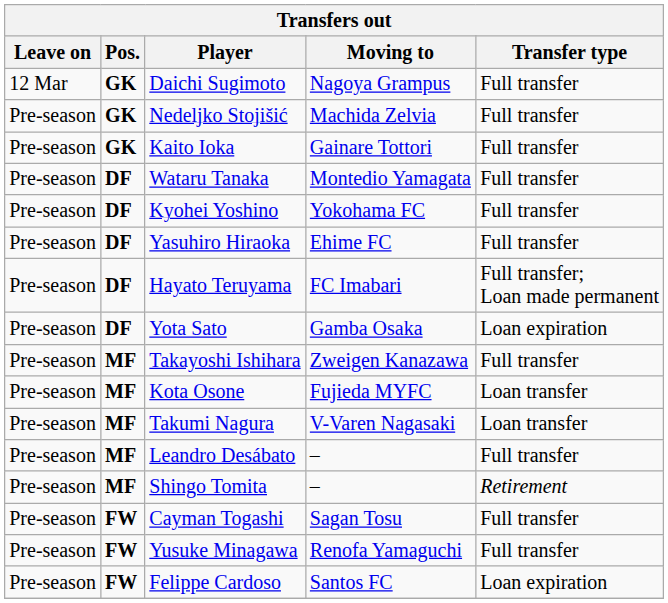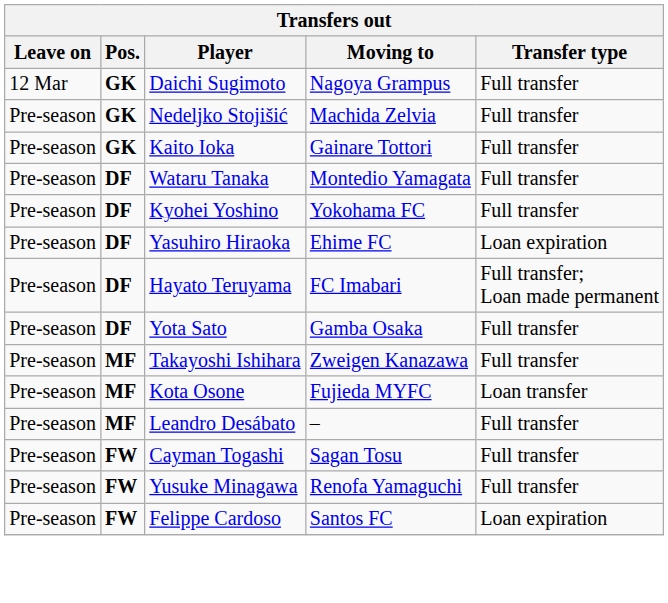 <table class="wikitable sortable" style=“text-align:left;>
 <tr>
 <th colspan="5">Transfers out</th>
 </tr>
 <tr>
 <th>Leave on</th>
 <th>Pos.</th>
 <th>Player</th>
 <th>Moving to</th>
 <th>Transfer type</th>
 </tr>
 <tr>
 <td>12 Mar</td>
 <td><strong>GK</strong></td>
 <td> <a href='#'>Daichi Sugimoto</a></td>
 <td> <a href='#'>Nagoya Grampus</a></td>
 <td>Full transfer</td>
 </tr>
 <tr>
 <td>Pre-season</td>
 <td><strong>GK</strong></td>
 <td> <a href='#'>Nedeljko Stojišić</a></td>
 <td> <a href='#'>Machida Zelvia</a></td>
 <td>Full transfer</td>
 </tr>
 <tr>
 <td>Pre-season</td>
 <td><strong>GK</strong></td>
 <td> <a href='#'>Kaito Ioka</a></td>
 <td> <a href='#'>Gainare Tottori</a></td>
 <td>Full transfer</td>
 </tr>
 <tr>
 <td>Pre-season</td>
 <td><strong>DF</strong></td>
 <td> <a href='#'>Wataru Tanaka</a></td>
 <td> <a href='#'>Montedio Yamagata</a></td>
 <td>Full transfer</td>
 </tr>
 <tr>
 <td>Pre-season</td>
 <td><strong>DF</strong></td>
 <td> <a href='#'>Kyohei Yoshino</a></td>
 <td> <a href='#'>Yokohama FC</a></td>
 <td>Full transfer</td>
 </tr>
 <tr>
 <td>Pre-season</td>
 <td><strong>DF</strong></td>
 <td> <a href='#'>Yasuhiro Hiraoka</a></td>
 <td> <a href='#'>Ehime FC</a></td>
-<td>Full transfer</td>
+<td>Loan expiration</td>
 </tr>
 <tr>
 <td>Pre-season</td>
 <td><strong>DF</strong></td>
 <td> <a href='#'>Hayato Teruyama</a></td>
 <td> <a href='#'>FC Imabari</a></td>
 <td>Full transfer;<br> Loan made permanent</td>
 </tr>
 <tr>
 <td>Pre-season</td>
 <td><strong>DF</strong></td>
 <td> <a href='#'>Yota Sato</a></td>
 <td> <a href='#'>Gamba Osaka</a></td>
-<td>Loan expiration</td>
+<td>Full transfer</td>
 </tr>
 <tr>
 <td>Pre-season</td>
 <td><strong>MF</strong></td>
 <td> <a href='#'>Takayoshi Ishihara</a></td>
 <td> <a href='#'>Zweigen Kanazawa</a></td>
 <td>Full transfer</td>
 </tr>
 <tr>
 <td>Pre-season</td>
 <td><strong>MF</strong></td>
 <td> <a href='#'>Kota Osone</a></td>
 <td> <a href='#'>Fujieda MYFC</a></td>
 <td>Loan transfer</td>
 </tr>
 <tr>
 <td>Pre-season</td>
 <td><strong>MF</strong></td>
-<td> <a href='#'>Takumi Nagura</a></td>
-<td> <a href='#'>V-Varen Nagasaki</a></td>
-<td>Loan transfer</td>
-</tr>
-<tr>
-<td>Pre-season</td>
-<td><strong>MF</strong></td>
 <td> <a href='#'>Leandro Desábato</a></td>
 <td>–</td>
 <td>Full transfer</td>
-</tr>
-<tr>
-<td>Pre-season</td>
-<td><strong>MF</strong></td>
-<td> <a href='#'>Shingo Tomita</a></td>
-<td>–</td>
-<td><em>Retirement</em></td>
 </tr>
 <tr>
 <td>Pre-season</td>
 <td><strong>FW</strong></td>
 <td> <a href='#'>Cayman Togashi</a></td>
 <td> <a href='#'>Sagan Tosu</a></td>
 <td>Full transfer</td>
 </tr>
 <tr>
 <td>Pre-season</td>
 <td><strong>FW</strong></td>
 <td> <a href='#'>Yusuke Minagawa</a></td>
 <td> <a href='#'>Renofa Yamaguchi</a></td>
 <td>Full transfer</td>
 </tr>
 <tr>
 <td>Pre-season</td>
 <td><strong>FW</strong></td>
 <td> <a href='#'>Felippe Cardoso</a></td>
 <td> <a href='#'>Santos FC</a></td>
 <td>Loan expiration</td>
 </tr>
 <tr>
 </tr>
 </table>
